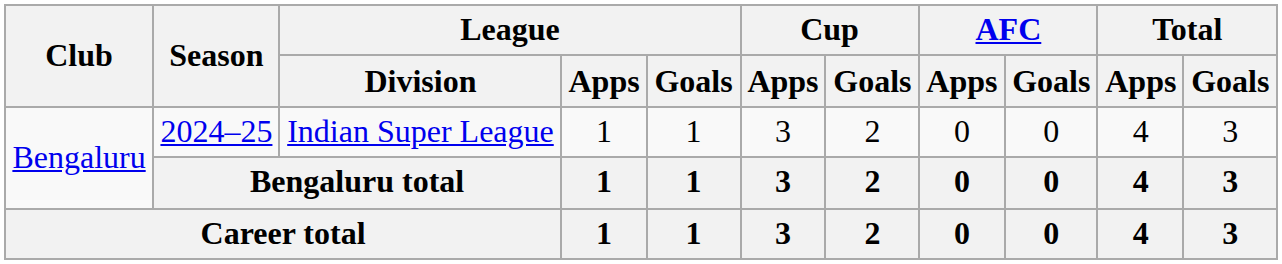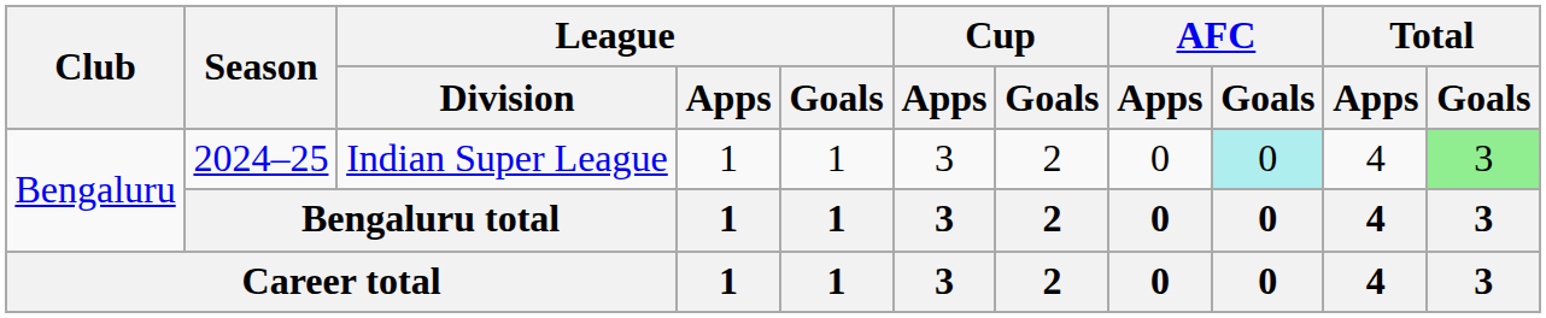 <table class="wikitable" style="text-align: center;">
 <tr>
 <th rowspan="2">Club</th>
 <th rowspan="2">Season</th>
 <th colspan="3">League</th>
 <th colspan="2">Cup</th>
 <th colspan="2"><a href='#'>AFC</a></th>
 <th colspan="2">Total</th>
 </tr>
 <tr>
 <th>Division</th>
 <th>Apps</th>
 <th>Goals</th>
 <th>Apps</th>
 <th>Goals</th>
 <th>Apps</th>
 <th>Goals</th>
 <th>Apps</th>
 <th>Goals</th>
 </tr>
 <tr>
 <td rowspan="2"><a href='#'>Bengaluru</a></td>
 <td><a href='#'>2024–25</a></td>
 <td rowspan="1"><a href='#'>Indian Super League</a></td>
 <td>1</td>
 <td>1</td>
 <td>3</td>
 <td>2</td>
 <td>0</td>
-<td>0</td>
+<td style="background: paleturquoise;">0</td>
 <td>4</td>
-<td>3</td>
+<td style="background: lightgreen;">3</td>
 </tr>
 <tr>
 <th colspan="2">Bengaluru total</th>
 <th>1</th>
 <th>1</th>
 <th>3</th>
 <th>2</th>
 <th>0</th>
 <th>0</th>
 <th>4</th>
 <th>3</th>
 </tr>
 <tr>
 <th colspan="3">Career total</th>
 <th>1</th>
 <th>1</th>
 <th>3</th>
 <th>2</th>
 <th>0</th>
 <th>0</th>
 <th>4</th>
 <th>3</th>
 </tr>
 </table>
